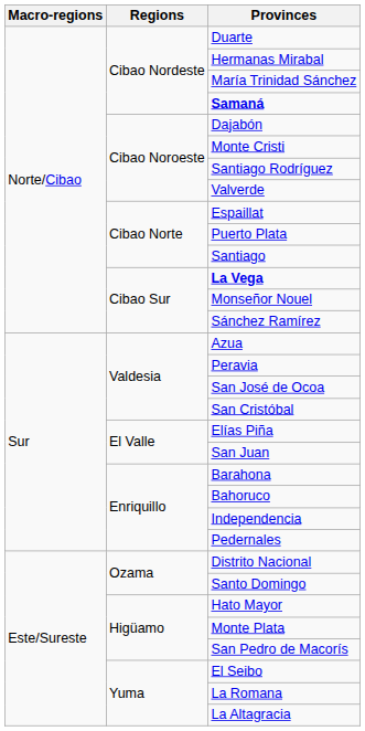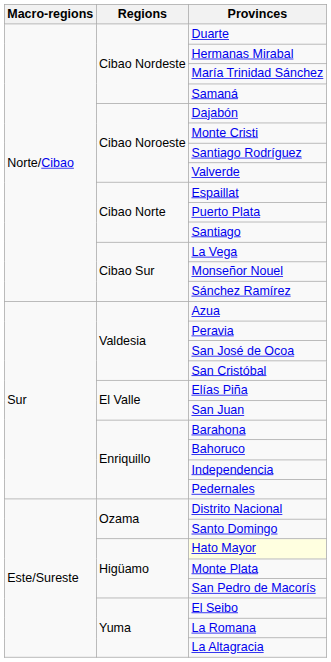 <table class="wikitable">
 <tr>
 <th>Macro-regions</th>
 <th>Regions</th>
 <th>Provinces</th>
 </tr>
 <tr>
 <td rowspan="14">Norte/<a href='#'>Cibao</a></td>
 <td rowspan="4">Cibao Nordeste</td>
 <td><a href='#'>Duarte</a></td>
 </tr>
 <tr>
 <td><a href='#'>Hermanas Mirabal</a></td>
 </tr>
 <tr>
 <td><a href='#'>María Trinidad Sánchez</a></td>
 </tr>
 <tr>
-<td><strong><a href='#'>Samaná</a></strong></td>
+<td><a href='#'>Samaná</a></td>
 </tr>
 <tr>
 <td rowspan="4">Cibao Noroeste</td>
 <td><a href='#'>Dajabón</a></td>
 </tr>
 <tr>
 <td><a href='#'>Monte Cristi</a></td>
 </tr>
 <tr>
 <td><a href='#'>Santiago Rodríguez</a></td>
 </tr>
 <tr>
 <td><a href='#'>Valverde</a></td>
 </tr>
 <tr>
 <td rowspan="3">Cibao Norte</td>
 <td><a href='#'>Espaillat</a></td>
 </tr>
 <tr>
 <td><a href='#'>Puerto Plata</a></td>
 </tr>
 <tr>
 <td><a href='#'>Santiago</a></td>
 </tr>
 <tr>
 <td rowspan="3">Cibao Sur</td>
-<td><strong><a href='#'>La Vega</a></strong></td>
+<td><a href='#'>La Vega</a></td>
 </tr>
 <tr>
 <td><a href='#'>Monseñor Nouel</a></td>
 </tr>
 <tr>
 <td><a href='#'>Sánchez Ramírez</a></td>
 </tr>
 <tr>
 <td rowspan="10">Sur</td>
 <td rowspan="4">Valdesia</td>
 <td><a href='#'>Azua</a></td>
 </tr>
 <tr>
 <td><a href='#'>Peravia</a></td>
 </tr>
 <tr>
 <td><a href='#'>San José de Ocoa</a></td>
 </tr>
 <tr>
 <td><a href='#'>San Cristóbal</a></td>
 </tr>
 <tr>
 <td rowspan="2">El Valle</td>
 <td><a href='#'>Elías Piña</a></td>
 </tr>
 <tr>
 <td><a href='#'>San Juan</a></td>
 </tr>
 <tr>
 <td rowspan="4">Enriquillo</td>
 <td><a href='#'>Barahona</a></td>
 </tr>
 <tr>
 <td><a href='#'>Bahoruco</a></td>
 </tr>
 <tr>
 <td><a href='#'>Independencia</a></td>
 </tr>
 <tr>
 <td><a href='#'>Pedernales</a></td>
 </tr>
 <tr>
 <td rowspan="8">Este/Sureste</td>
 <td rowspan="2">Ozama</td>
 <td><a href='#'>Distrito Nacional</a></td>
 </tr>
 <tr>
 <td><a href='#'>Santo Domingo</a></td>
 </tr>
 <tr>
 <td rowspan="3">Higüamo</td>
-<td><a href='#'>Hato Mayor</a></td>
+<td style="background: lightyellow;"><a href='#'>Hato Mayor</a></td>
 </tr>
 <tr>
 <td><a href='#'>Monte Plata</a></td>
 </tr>
 <tr>
 <td><a href='#'>San Pedro de Macorís</a></td>
 </tr>
 <tr>
 <td rowspan="3">Yuma</td>
 <td><a href='#'>El Seibo</a></td>
 </tr>
 <tr>
 <td><a href='#'>La Romana</a></td>
 </tr>
 <tr>
 <td><a href='#'>La Altagracia</a></td>
 </tr>
 </table>
